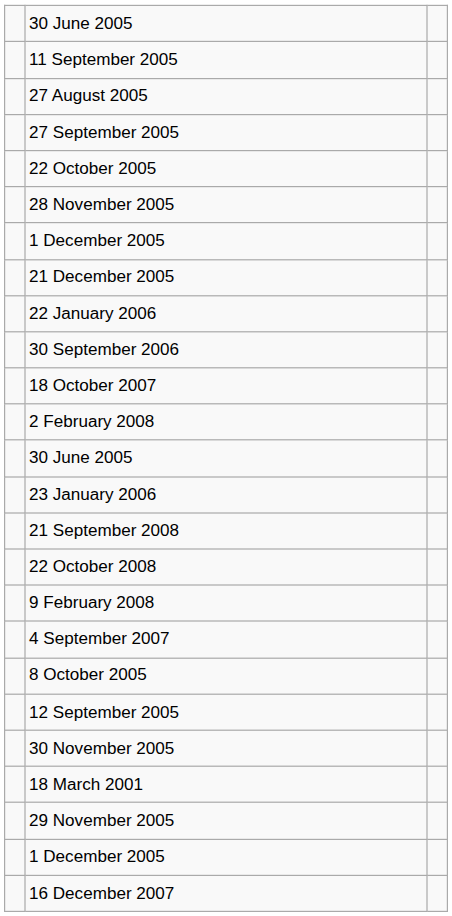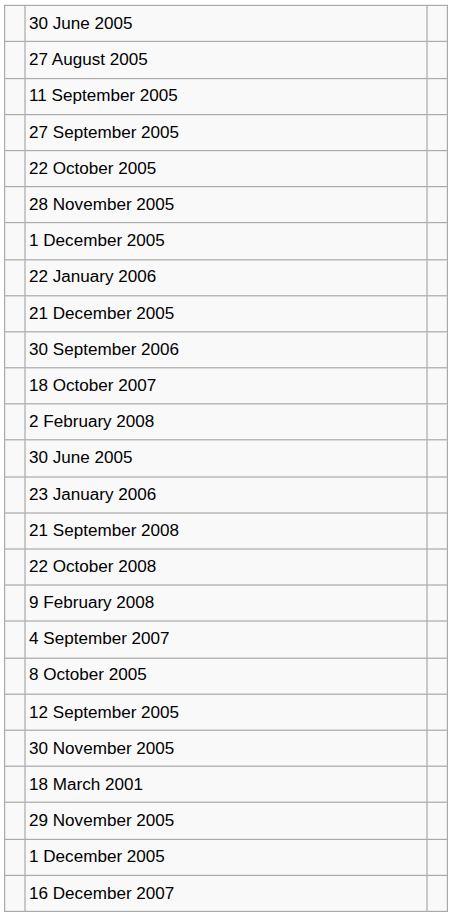 <table class="wikitable" style="font-size: 89%; float: left; width: 26em; margin-right: 1em; line-height: 1.65em !important; height: 675px;">
 <tr>
 <td></td>
 <td>30 June 2005</td>
 <td></td>
 </tr>
 <tr>
 <td></td>
-<td>11 September 2005</td>
+<td>27 August 2005</td>
 <td></td>
 </tr>
 <tr>
 <td></td>
-<td>27 August 2005</td>
+<td>11 September 2005</td>
 <td></td>
 </tr>
 <tr>
 <td></td>
 <td>27 September 2005</td>
 <td></td>
 </tr>
 <tr>
 <td></td>
 <td>22 October 2005</td>
 <td></td>
 </tr>
 <tr>
 <td></td>
 <td>28 November 2005</td>
 <td></td>
 </tr>
 <tr>
 <td></td>
 <td>1 December 2005</td>
 <td></td>
 </tr>
 <tr>
 <td></td>
-<td>21 December 2005</td>
+<td>22 January 2006</td>
 <td></td>
 </tr>
 <tr>
 <td></td>
-<td>22 January 2006</td>
+<td>21 December 2005</td>
 <td></td>
 </tr>
 <tr>
 <td></td>
 <td>30 September 2006</td>
 <td></td>
 </tr>
 <tr>
 <td></td>
 <td>18 October 2007</td>
 <td></td>
 </tr>
 <tr>
 <td></td>
 <td>2 February 2008</td>
 <td></td>
 </tr>
 <tr>
 <td></td>
 <td>30 June 2005</td>
 <td></td>
 </tr>
 <tr>
 <td></td>
 <td>23 January 2006</td>
 <td></td>
 </tr>
 <tr>
 <td></td>
 <td>21 September 2008</td>
 <td></td>
 </tr>
 <tr>
 <td></td>
 <td>22 October 2008</td>
 <td></td>
 </tr>
 <tr>
 <td></td>
 <td>9 February 2008</td>
 <td></td>
 </tr>
 <tr>
 <td></td>
 <td>4 September 2007</td>
 <td></td>
 </tr>
 <tr>
 <td></td>
 <td>8 October 2005</td>
 <td></td>
 </tr>
 <tr>
 <td></td>
 <td>12 September 2005</td>
 <td></td>
 </tr>
 <tr>
 <td></td>
 <td>30 November 2005</td>
 <td></td>
 </tr>
 <tr>
 <td></td>
 <td>18 March 2001</td>
 <td></td>
 </tr>
 <tr>
 <td></td>
 <td>29 November 2005</td>
 <td></td>
 </tr>
 <tr>
 <td></td>
 <td>1 December 2005</td>
 <td></td>
 </tr>
 <tr>
 <td></td>
 <td>16 December 2007</td>
 <td></td>
 </tr>
 </table>
